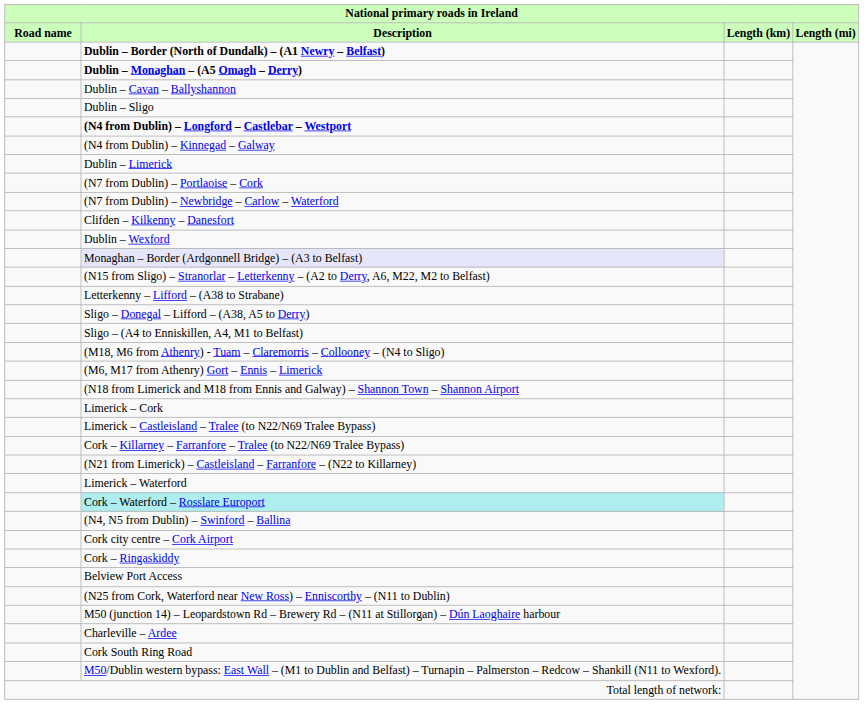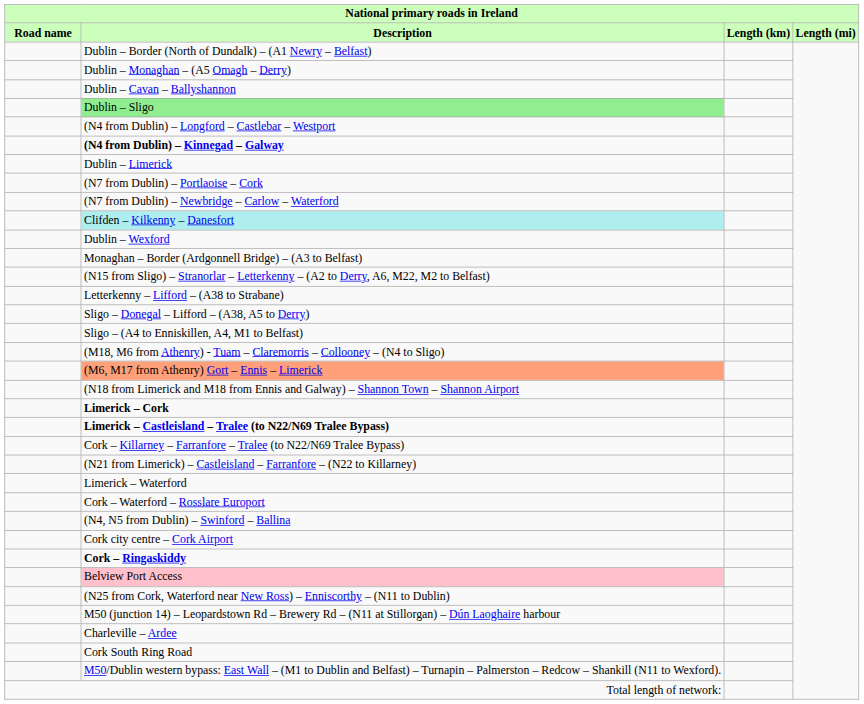 <table class="wikitable" style="margin-left: 10px">
 <tr>
 <th colspan="4" align=center style="background-color: #cfb;">National primary roads in Ireland</th>
 </tr>
 <tr>
 <th style="background-color: #cfb; width:6em">Road name</th>
 <th align=left style="background-color: #cfb;">Description</th>
 <th align=right style="background-color: #cfb;">Length (km)</th>
 <th align=right style="background-color: #cfb;">Length (mi)</th>
 </tr>
 <tr>
 <td></td>
-<td><strong>Dublin – Border (North of Dundalk) – (A1 <a href='#'>Newry</a> – <a href='#'>Belfast</a>)</strong></td>
+<td>Dublin – Border (North of Dundalk) – (A1 <a href='#'>Newry</a> – <a href='#'>Belfast</a>)</td>
 <td></td>
 </tr>
 <tr>
 <td></td>
-<td><strong>Dublin – <a href='#'>Monaghan</a> – (A5 <a href='#'>Omagh</a> – <a href='#'>Derry</a>)</strong></td>
+<td>Dublin – <a href='#'>Monaghan</a> – (A5 <a href='#'>Omagh</a> – <a href='#'>Derry</a>)</td>
 <td></td>
 </tr>
 <tr>
 <td></td>
 <td>Dublin – <a href='#'>Cavan</a> – <a href='#'>Ballyshannon</a></td>
 <td></td>
 </tr>
 <tr>
 <td></td>
-<td>Dublin – Sligo</td>
+<td style="background: lightgreen;">Dublin – Sligo</td>
 <td></td>
 </tr>
 <tr>
 <td></td>
-<td><strong>(N4 from Dublin) – <a href='#'>Longford</a> – <a href='#'>Castlebar</a> – <a href='#'>Westport</a></strong></td>
+<td>(N4 from Dublin) – <a href='#'>Longford</a> – <a href='#'>Castlebar</a> – <a href='#'>Westport</a></td>
 <td></td>
 </tr>
 <tr>
 <td></td>
-<td>(N4 from Dublin) – <a href='#'>Kinnegad</a> – <a href='#'>Galway</a></td>
+<td><strong>(N4 from Dublin) – <a href='#'>Kinnegad</a> – <a href='#'>Galway</a></strong></td>
 <td></td>
 </tr>
 <tr>
 <td></td>
 <td>Dublin – <a href='#'>Limerick</a></td>
 <td></td>
 </tr>
 <tr>
 <td></td>
 <td>(N7 from Dublin) – <a href='#'>Portlaoise</a> – <a href='#'>Cork</a></td>
 <td></td>
 </tr>
 <tr>
 <td></td>
 <td>(N7 from Dublin) – <a href='#'>Newbridge</a> – <a href='#'>Carlow</a> – <a href='#'>Waterford</a></td>
 <td></td>
 </tr>
 <tr>
 <td></td>
-<td>Clifden – <a href='#'>Kilkenny</a> – <a href='#'>Danesfort</a></td>
+<td style="background: paleturquoise;">Clifden – <a href='#'>Kilkenny</a> – <a href='#'>Danesfort</a></td>
 <td></td>
 </tr>
 <tr>
 <td></td>
 <td>Dublin – <a href='#'>Wexford</a></td>
 <td></td>
 </tr>
 <tr>
 <td></td>
-<td style="background: lavender;">Monaghan – Border (Ardgonnell Bridge) – (A3 to Belfast)</td>
+<td>Monaghan – Border (Ardgonnell Bridge) – (A3 to Belfast)</td>
 <td></td>
 </tr>
 <tr>
 <td></td>
 <td>(N15 from Sligo) – <a href='#'>Stranorlar</a> – <a href='#'>Letterkenny</a> – (A2 to <a href='#'>Derry</a>, A6, M22, M2 to Belfast)</td>
 <td></td>
 </tr>
 <tr>
 <td></td>
 <td>Letterkenny – <a href='#'>Lifford</a> – (A38 to Strabane)</td>
 <td></td>
 </tr>
 <tr>
 <td></td>
 <td>Sligo – <a href='#'>Donegal</a> – Lifford – (A38, A5 to <a href='#'>Derry</a>)</td>
 <td></td>
 </tr>
 <tr>
 <td></td>
 <td>Sligo – (A4 to Enniskillen, A4, M1 to Belfast)</td>
 <td></td>
 </tr>
 <tr>
 <td></td>
 <td>(M18, M6 from <a href='#'>Athenry</a>) - <a href='#'>Tuam</a> – <a href='#'>Claremorris</a> – <a href='#'>Collooney</a> – (N4 to Sligo)</td>
 <td></td>
 </tr>
 <tr>
 <td></td>
-<td>(M6, M17 from Athenry)  <a href='#'>Gort</a> – <a href='#'>Ennis</a> – <a href='#'>Limerick</a></td>
+<td style="background: lightsalmon;">(M6, M17 from Athenry)  <a href='#'>Gort</a> – <a href='#'>Ennis</a> – <a href='#'>Limerick</a></td>
 <td></td>
 </tr>
 <tr>
 <td></td>
 <td>(N18 from Limerick and M18 from Ennis and Galway) – <a href='#'>Shannon Town</a> – <a href='#'>Shannon Airport</a></td>
 <td></td>
 </tr>
 <tr>
 <td></td>
-<td>Limerick – Cork</td>
+<td><strong>Limerick – Cork</strong></td>
 <td></td>
 </tr>
 <tr>
 <td></td>
-<td>Limerick – <a href='#'>Castleisland</a> – <a href='#'>Tralee</a> (to N22/N69 Tralee Bypass)</td>
+<td><strong>Limerick – <a href='#'>Castleisland</a> – <a href='#'>Tralee</a> (to N22/N69 Tralee Bypass)</strong></td>
 <td></td>
 </tr>
 <tr>
 <td></td>
 <td>Cork – <a href='#'>Killarney</a> – <a href='#'>Farranfore</a> – <a href='#'>Tralee</a> (to N22/N69 Tralee Bypass)</td>
 <td></td>
 </tr>
 <tr>
 <td></td>
 <td>(N21 from Limerick) – <a href='#'>Castleisland</a> – <a href='#'>Farranfore</a> – (N22 to Killarney)</td>
 <td></td>
 </tr>
 <tr>
 <td></td>
 <td>Limerick – Waterford</td>
 <td></td>
 </tr>
 <tr>
 <td></td>
-<td style="background: paleturquoise;">Cork – Waterford – <a href='#'>Rosslare Europort</a></td>
+<td>Cork – Waterford – <a href='#'>Rosslare Europort</a></td>
 <td></td>
 </tr>
 <tr>
 <td></td>
 <td>(N4, N5 from Dublin) – <a href='#'>Swinford</a> – <a href='#'>Ballina</a></td>
 <td></td>
 </tr>
 <tr>
 <td></td>
 <td>Cork city centre – <a href='#'>Cork Airport</a></td>
 <td></td>
 </tr>
 <tr>
 <td></td>
-<td>Cork – <a href='#'>Ringaskiddy</a></td>
+<td><strong>Cork – <a href='#'>Ringaskiddy</a></strong></td>
 <td></td>
 </tr>
 <tr>
 <td></td>
-<td>Belview Port Access</td>
+<td style="background: pink;">Belview Port Access</td>
 <td></td>
 </tr>
 <tr>
 <td></td>
 <td>(N25 from Cork, Waterford near <a href='#'>New Ross</a>) – <a href='#'>Enniscorthy</a> – (N11 to Dublin)</td>
 <td></td>
 </tr>
 <tr>
 <td></td>
 <td>M50 (junction 14) – Leopardstown Rd – Brewery Rd – (N11 at Stillorgan) – <a href='#'>Dún Laoghaire</a> harbour</td>
 <td></td>
 </tr>
 <tr>
 <td></td>
 <td>Charleville – <a href='#'>Ardee</a></td>
 <td></td>
 </tr>
 <tr>
 <td></td>
 <td>Cork South Ring Road</td>
 <td></td>
 </tr>
 <tr>
 <td></td>
 <td><a href='#'>M50</a>/Dublin western bypass: <a href='#'>East Wall</a> – (M1 to Dublin and Belfast) – Turnapin – Palmerston – Redcow – Shankill (N11 to Wexford).</td>
 <td></td>
 </tr>
 <tr>
 <td align=right colspan="2">Total length of network:</td>
 <td></td>
 </tr>
 </table>
